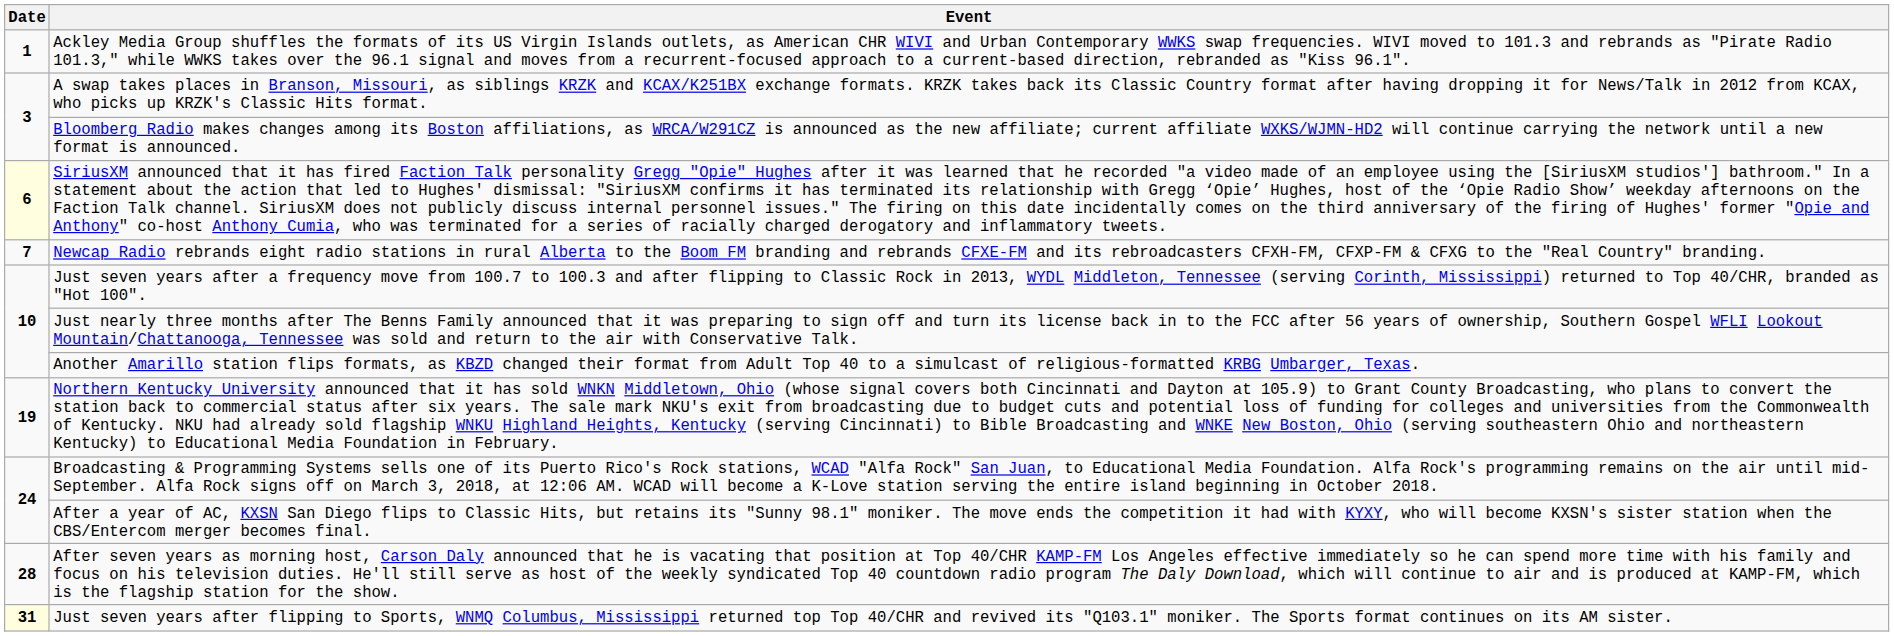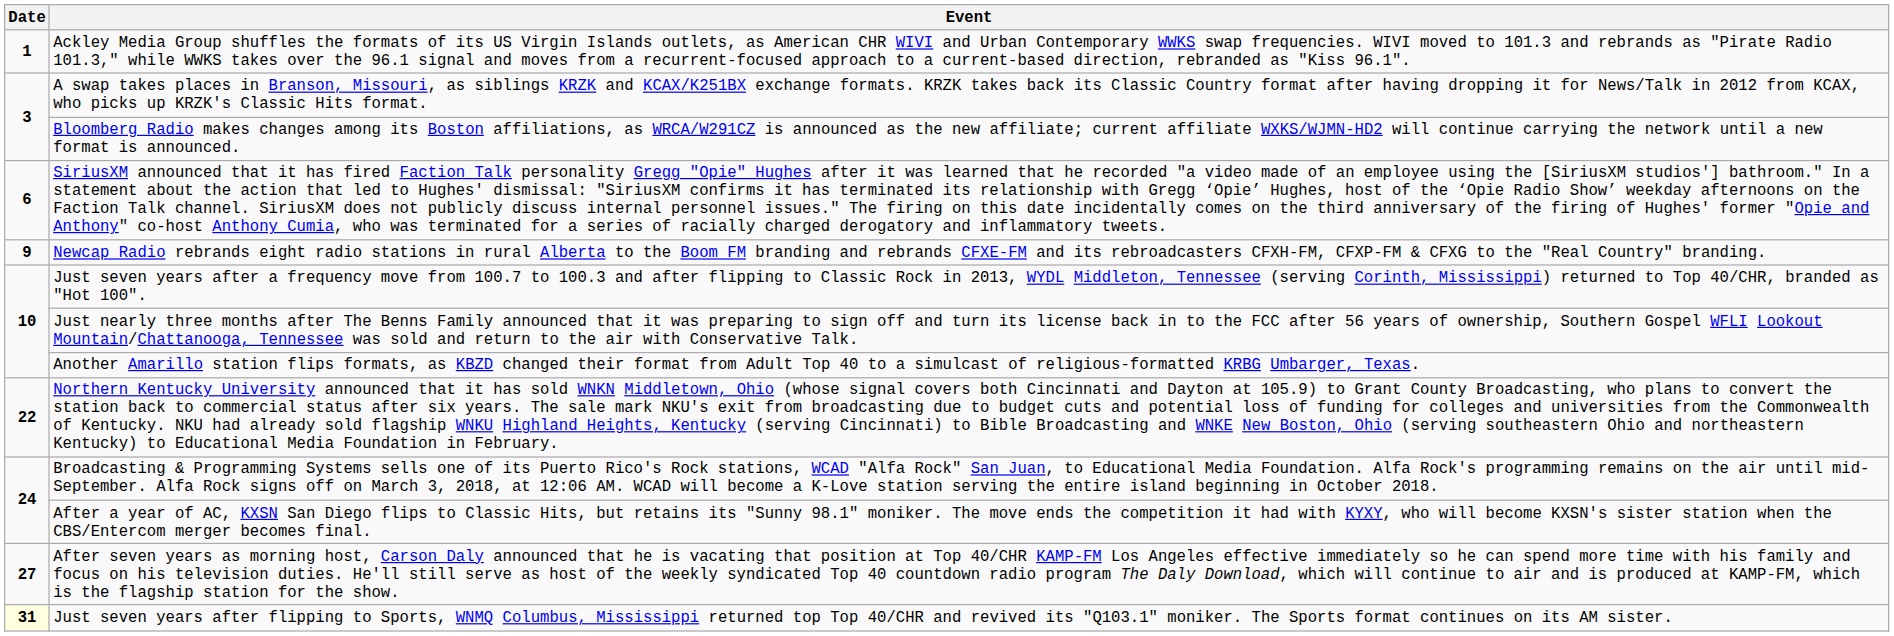 <table class="wikitable">
 <tr>
 <th>Date</th>
 <th>Event</th>
 </tr>
 <tr>
 <td style="text-align:center;"><strong>1</strong></td>
 <td>Ackley Media Group shuffles the formats of its US Virgin Islands outlets, as American CHR <a href='#'>WIVI</a> and Urban Contemporary <a href='#'>WWKS</a> swap frequencies. WIVI moved to 101.3 and rebrands as "Pirate Radio 101.3," while WWKS takes over the 96.1 signal and moves from a recurrent-focused approach to a current-based direction, rebranded as "Kiss 96.1".</td>
 </tr>
 <tr>
 <td style="text-align:center;" rowspan=2><strong>3</strong></td>
 <td>A swap takes places in <a href='#'>Branson, Missouri</a>, as siblings <a href='#'>KRZK</a> and <a href='#'>KCAX/K251BX</a> exchange formats. KRZK takes back its Classic Country format after having dropping it for News/Talk in 2012 from KCAX, who picks up KRZK's Classic Hits format.</td>
 </tr>
 <tr>
 <td><a href='#'>Bloomberg Radio</a> makes changes among its <a href='#'>Boston</a> affiliations, as <a href='#'>WRCA/W291CZ</a> is announced as the new affiliate; current affiliate <a href='#'>WXKS/WJMN-HD2</a> will continue carrying the network until a new format is announced.</td>
 </tr>
 <tr>
-<td style="background: lightyellow; text-align:center;"><strong>6</strong></td>
+<td style="text-align:center;"><strong>6</strong></td>
 <td><a href='#'>SiriusXM</a> announced that it has fired <a href='#'>Faction Talk</a> personality <a href='#'>Gregg "Opie" Hughes</a> after it was learned that he recorded "a video made of an employee using the [SiriusXM studios'] bathroom." In a statement about the action that led to Hughes' dismissal: "SiriusXM confirms it has terminated its relationship with Gregg ‘Opie’ Hughes, host of the ‘Opie Radio Show’ weekday afternoons on the Faction Talk channel. SiriusXM does not publicly discuss internal personnel issues." The firing on this date incidentally comes on the third anniversary of the firing of Hughes' former "<a href='#'>Opie and Anthony</a>" co-host <a href='#'>Anthony Cumia</a>, who was terminated for a series of racially charged derogatory and inflammatory tweets.</td>
 </tr>
 <tr>
-<td style="text-align:center;"><strong>7</strong></td>
+<td style="text-align:center;"><strong>9</strong></td>
 <td><a href='#'>Newcap Radio</a> rebrands eight radio stations in rural <a href='#'>Alberta</a> to the <a href='#'>Boom FM</a> branding and rebrands <a href='#'>CFXE-FM</a> and its rebroadcasters CFXH-FM, CFXP-FM & CFXG to the "Real Country" branding.</td>
 </tr>
 <tr>
 <td style="text-align:center;" rowspan=3><strong>10</strong></td>
 <td>Just seven years after a frequency move from 100.7 to 100.3 and after flipping to Classic Rock in 2013, <a href='#'>WYDL</a> <a href='#'>Middleton, Tennessee</a> (serving <a href='#'>Corinth, Mississippi</a>) returned to Top 40/CHR, branded as "Hot 100".</td>
 </tr>
 <tr>
 <td>Just nearly three months after The Benns Family announced that it was preparing to sign off and turn its license back in to the FCC after 56 years of ownership, Southern Gospel <a href='#'>WFLI</a> <a href='#'>Lookout Mountain</a>/<a href='#'>Chattanooga, Tennessee</a> was sold and return to the air with Conservative Talk.</td>
 </tr>
 <tr>
 <td>Another <a href='#'>Amarillo</a> station flips formats, as <a href='#'>KBZD</a> changed their format from Adult Top 40 to a simulcast of religious-formatted <a href='#'>KRBG</a> <a href='#'>Umbarger, Texas</a>.</td>
 </tr>
 <tr>
-<td style="text-align:center;"><strong>19</strong></td>
+<td style="text-align:center;"><strong>22</strong></td>
 <td><a href='#'>Northern Kentucky University</a> announced that it has sold <a href='#'>WNKN</a> <a href='#'>Middletown, Ohio</a> (whose signal covers both Cincinnati and Dayton at 105.9) to Grant County Broadcasting, who plans to convert the station back to commercial status after six years. The sale mark NKU's exit from broadcasting due to budget cuts and potential loss of funding for colleges and universities from the Commonwealth of Kentucky. NKU had already sold flagship <a href='#'>WNKU</a> <a href='#'>Highland Heights, Kentucky</a> (serving Cincinnati) to Bible Broadcasting and <a href='#'>WNKE</a> <a href='#'>New Boston, Ohio</a> (serving southeastern Ohio and northeastern Kentucky) to Educational Media Foundation in February.</td>
 </tr>
 <tr>
 <td style="text-align:center;" rowspan=2><strong>24</strong></td>
 <td>Broadcasting & Programming Systems sells one of its Puerto Rico's Rock stations, <a href='#'>WCAD</a> "Alfa Rock" <a href='#'>San Juan</a>, to Educational Media Foundation. Alfa Rock's programming remains on the air until mid-September. Alfa Rock signs off on March 3, 2018, at 12:06 AM. WCAD will become a K-Love station serving the entire island beginning in October 2018.</td>
 </tr>
 <tr>
 <td>After a year of AC, <a href='#'>KXSN</a> San Diego flips to Classic Hits, but retains its "Sunny 98.1" moniker. The move ends the competition it had with <a href='#'>KYXY</a>, who will become KXSN's sister station when the CBS/Entercom merger becomes final.</td>
 </tr>
 <tr>
-<td style="text-align:center;"><strong>28</strong></td>
+<td style="text-align:center;"><strong>27</strong></td>
 <td>After seven years as morning host, <a href='#'>Carson Daly</a> announced that he is vacating that position at Top 40/CHR <a href='#'>KAMP-FM</a> Los Angeles effective immediately so he can spend more time with his family and focus on his television duties. He'll still serve as host of the weekly syndicated Top 40 countdown radio program <em>The Daly Download</em>, which will continue to air and is produced at KAMP-FM, which is the flagship station for the show.</td>
 </tr>
 <tr>
 <td style="background: lightyellow; text-align:center;"><strong>31</strong></td>
 <td>Just seven years after flipping to Sports, <a href='#'>WNMQ</a> <a href='#'>Columbus, Mississippi</a> returned top Top 40/CHR and revived its "Q103.1" moniker. The Sports format continues on its AM sister.</td>
 </tr>
 </table>
